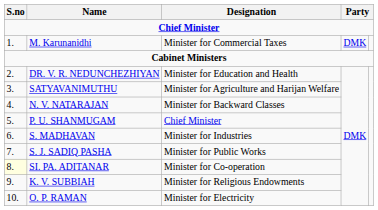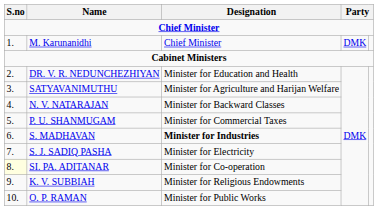 <table class="wikitable">
 <tr>
 <th>S.no</th>
 <th>Name</th>
 <th>Designation</th>
 <th colspan="2" scope="col">Party</th>
 </tr>
 <tr>
 <td colspan="5" style="text-align: center;"><strong><a href='#'>Chief Minister</a></strong></td>
 </tr>
 <tr>
 <td>1.</td>
 <td><a href='#'>M. Karunanidhi</a></td>
-<td>Minister for Commercial Taxes</td>
+<td><a href='#'>Chief Minister</a></td>
 <td><a href='#'>DMK</a></td>
 <td width="1px" style="background-color: "></td>
 </tr>
 <tr>
 <td colspan="5" style="text-align: center;"><strong>Cabinet Ministers</strong></td>
 </tr>
 <tr>
 <td>2.</td>
 <td><a href='#'>DR. V. R. NEDUNCHEZHIYAN</a></td>
 <td>Minister for Education and Health</td>
 <td rowspan="32"><a href='#'>DMK</a></td>
 <td rowspan="32" width="1px" style="background-color: "></td>
 </tr>
 <tr>
 <td>3.</td>
 <td><a href='#'>SATYAVANIMUTHU</a></td>
 <td>Minister for Agriculture and Harijan Welfare</td>
 </tr>
 <tr>
 <td>4.</td>
 <td><a href='#'>N. V. NATARAJAN</a></td>
 <td>Minister for Backward Classes</td>
 </tr>
 <tr>
 <td>5.</td>
 <td><a href='#'>P. U. SHANMUGAM</a></td>
-<td><a href='#'>Chief Minister</a></td>
+<td>Minister for Commercial Taxes</td>
 </tr>
 <tr>
 <td>6.</td>
 <td><a href='#'>S. MADHAVAN</a></td>
-<td>Minister for Industries</td>
+<td><strong>Minister for Industries</strong></td>
 </tr>
 <tr>
 <td>7.</td>
 <td><a href='#'>S. J. SADIQ PASHA</a></td>
-<td>Minister for Public Works</td>
+<td>Minister for Electricity</td>
 </tr>
 <tr>
 <td style="background: lightyellow;">8.</td>
 <td><a href='#'>SI. PA. ADITANAR</a></td>
 <td>Minister for Co-operation</td>
 </tr>
 <tr>
 <td>9.</td>
 <td><a href='#'>K. V. SUBBIAH</a></td>
 <td>Minister for Religious Endowments</td>
 </tr>
 <tr>
 <td>10.</td>
 <td><a href='#'>O. P. RAMAN</a></td>
-<td>Minister for Electricity</td>
+<td>Minister for Public Works</td>
 </tr>
 </table>
